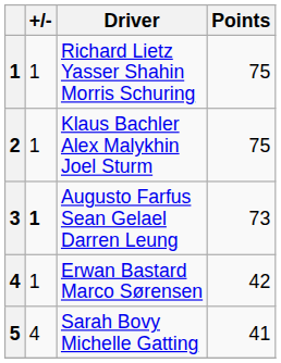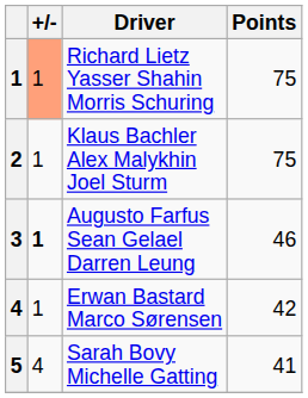 <table class="wikitable" style="font-size:95%;">
 <tr>
 <th scope="col"></th>
 <th scope="col">+/-</th>
 <th scope="col">Driver</th>
 <th scope="col">Points</th>
 </tr>
 <tr>
 <th align="center">1</th>
-<td align="left"> 1</td>
+<td align="left" style="background: lightsalmon;"> 1</td>
 <td> <a href='#'>Richard Lietz</a><br> <a href='#'>Yasser Shahin</a><br> <a href='#'>Morris Schuring</a></td>
 <td align="right">75</td>
 </tr>
 <tr>
 <th align="center">2</th>
 <td align="left"> 1</td>
 <td> <a href='#'>Klaus Bachler</a><br> <a href='#'>Alex Malykhin</a><br> <a href='#'>Joel Sturm</a></td>
 <td align="right">75</td>
 </tr>
 <tr>
 <th align="center">3</th>
 <td align="left"><strong> 1</strong></td>
 <td> <a href='#'>Augusto Farfus</a><br> <a href='#'>Sean Gelael</a><br> <a href='#'>Darren Leung</a></td>
-<td align="right">73</td>
+<td align="right">46</td>
 </tr>
 <tr>
 <th align="center">4</th>
 <td align="left"> 1</td>
 <td> <a href='#'>Erwan Bastard</a><br> <a href='#'>Marco Sørensen</a></td>
 <td align="right">42</td>
 </tr>
 <tr>
 <th align="center">5</th>
 <td align="left"> 4</td>
 <td> <a href='#'>Sarah Bovy</a><br> <a href='#'>Michelle Gatting</a></td>
 <td align="right">41</td>
 </tr>
 <tr>
 </tr>
 </table>
